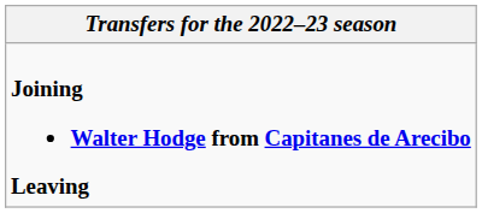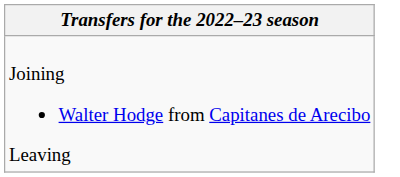 <table class="wikitable collapsible collapsed" style="font-size:95%;">
 <tr>
 <th><em>Transfers for the 2022–23 season</em></th>
 </tr>
 <tr>
-<td><strong><br>   Joining<ul><li> <a href='#'>Walter Hodge</a> from  <a href='#'>Capitanes de Arecibo</a></li></ul>  Leaving </strong></td>
+<td><br>   Joining<ul><li> <a href='#'>Walter Hodge</a> from  <a href='#'>Capitanes de Arecibo</a></li></ul>  Leaving </td>
 </tr>
 </table>
